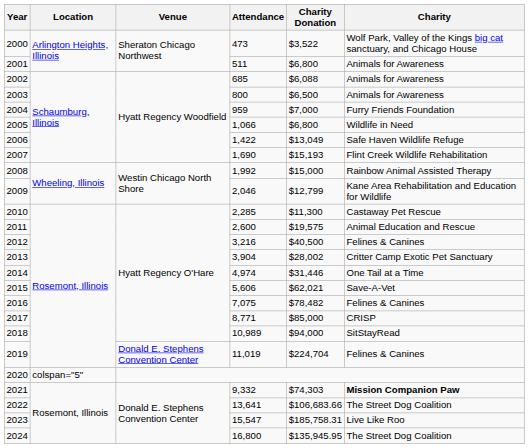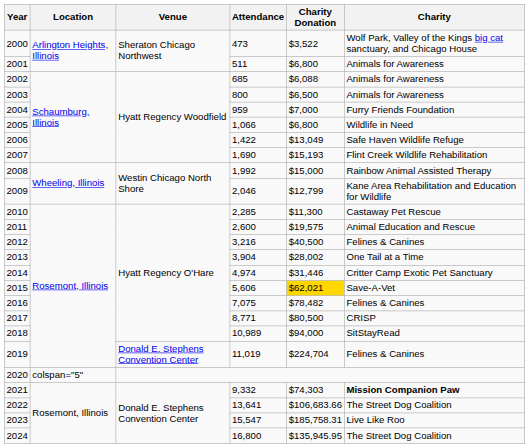 <table class="wikitable" border="1">
 <tr>
 <th>Year</th>
 <th>Location</th>
 <th>Venue</th>
 <th>Attendance</th>
 <th>Charity<br>Donation</th>
 <th>Charity</th>
 </tr>
 <tr>
 <td>2000</td>
 <td rowspan="2"><a href='#'>Arlington Heights, Illinois</a></td>
 <td rowspan="2">Sheraton Chicago Northwest</td>
 <td>473</td>
 <td>$3,522</td>
 <td>Wolf Park, Valley of the Kings <a href='#'>big cat</a> sanctuary, and Chicago House</td>
 </tr>
 <tr>
 <td>2001</td>
 <td>511</td>
 <td>$6,800</td>
 <td>Animals for Awareness</td>
 </tr>
 <tr>
 <td>2002</td>
 <td rowspan="6"><a href='#'>Schaumburg, Illinois</a></td>
 <td rowspan="6">Hyatt Regency Woodfield</td>
 <td>685</td>
 <td>$6,088</td>
 <td>Animals for Awareness</td>
 </tr>
 <tr>
 <td>2003</td>
 <td>800</td>
 <td>$6,500</td>
 <td>Animals for Awareness</td>
 </tr>
 <tr>
 <td>2004</td>
 <td>959</td>
 <td>$7,000</td>
 <td>Furry Friends Foundation</td>
 </tr>
 <tr>
 <td>2005</td>
 <td>1,066</td>
 <td>$6,800</td>
 <td>Wildlife in Need</td>
 </tr>
 <tr>
 <td>2006</td>
 <td>1,422</td>
 <td>$13,049</td>
 <td>Safe Haven Wildlife Refuge</td>
 </tr>
 <tr>
 <td>2007</td>
 <td>1,690</td>
 <td>$15,193</td>
 <td>Flint Creek Wildlife Rehabilitation</td>
 </tr>
 <tr>
 <td>2008</td>
 <td rowspan="2"><a href='#'>Wheeling, Illinois</a></td>
 <td rowspan="2">Westin Chicago North Shore</td>
 <td>1,992</td>
 <td>$15,000</td>
 <td>Rainbow Animal Assisted Therapy</td>
 </tr>
 <tr>
 <td>2009</td>
 <td>2,046</td>
 <td>$12,799</td>
 <td>Kane Area Rehabilitation and Education for Wildlife</td>
 </tr>
 <tr>
 <td>2010</td>
 <td rowspan="10"><a href='#'>Rosemont, Illinois</a></td>
 <td rowspan="9">Hyatt Regency O'Hare</td>
 <td>2,285</td>
 <td>$11,300</td>
 <td>Castaway Pet Rescue</td>
 </tr>
 <tr>
 <td>2011</td>
 <td>2,600</td>
 <td>$19,575</td>
 <td>Animal Education and Rescue</td>
 </tr>
 <tr>
 <td>2012</td>
 <td>3,216</td>
 <td>$40,500</td>
 <td>Felines & Canines</td>
 </tr>
 <tr>
 <td>2013</td>
 <td>3,904</td>
 <td>$28,002</td>
-<td>Critter Camp Exotic Pet Sanctuary</td>
+<td>One Tail at a Time</td>
 </tr>
 <tr>
 <td>2014</td>
 <td>4,974</td>
 <td>$31,446</td>
-<td>One Tail at a Time</td>
+<td>Critter Camp Exotic Pet Sanctuary</td>
 </tr>
 <tr>
 <td>2015</td>
 <td>5,606</td>
-<td>$62,021</td>
+<td style="background: gold;">$62,021</td>
 <td>Save-A-Vet</td>
 </tr>
 <tr>
 <td>2016</td>
 <td>7,075</td>
 <td>$78,482</td>
 <td>Felines & Canines</td>
 </tr>
 <tr>
 <td>2017</td>
 <td>8,771</td>
-<td>$85,000</td>
+<td>$80,500</td>
 <td>CRISP</td>
 </tr>
 <tr>
 <td>2018</td>
 <td>10,989</td>
 <td>$94,000</td>
 <td>SitStayRead</td>
 </tr>
 <tr>
 <td>2019</td>
 <td><a href='#'>Donald E. Stephens Convention Center</a></td>
 <td>11,019</td>
 <td>$224,704</td>
 <td>Felines & Canines</td>
 </tr>
 <tr>
 <td>2020</td>
 <td>colspan="5" </td>
 </tr>
 <tr>
 <td>2021</td>
 <td rowspan="4">Rosemont, Illinois</td>
 <td rowspan="4">Donald E. Stephens Convention Center</td>
 <td>9,332</td>
 <td>$74,303</td>
 <td><strong>Mission Companion Paw</strong></td>
 </tr>
 <tr>
 <td>2022</td>
 <td>13,641</td>
 <td>$106,683.66</td>
 <td>The Street Dog Coalition</td>
 </tr>
 <tr>
 <td>2023</td>
 <td>15,547</td>
 <td>$185,758.31</td>
 <td>Live Like Roo</td>
 </tr>
 <tr>
 <td>2024</td>
 <td>16,800</td>
 <td>$135,945.95</td>
 <td>The Street Dog Coalition</td>
 </tr>
 </table>
